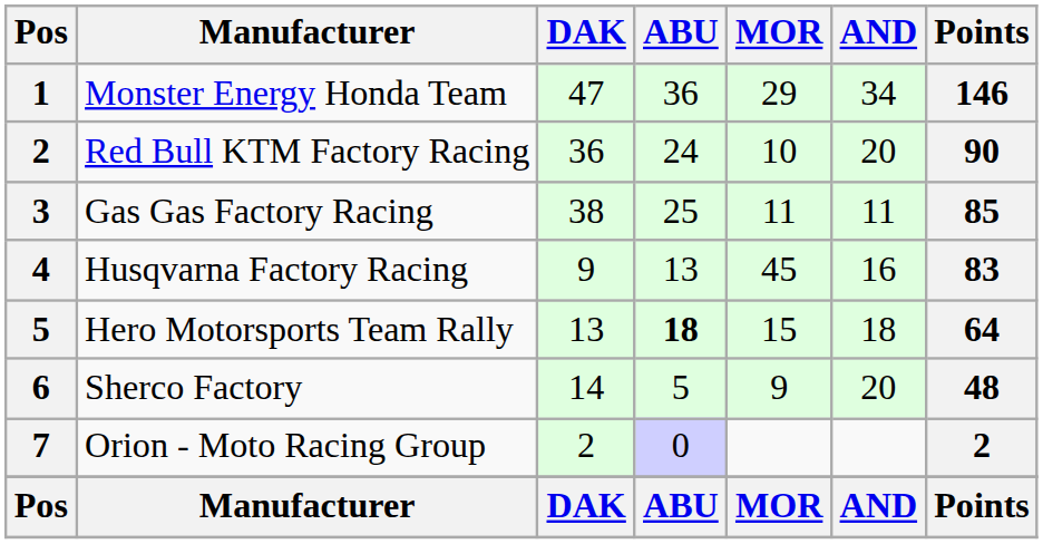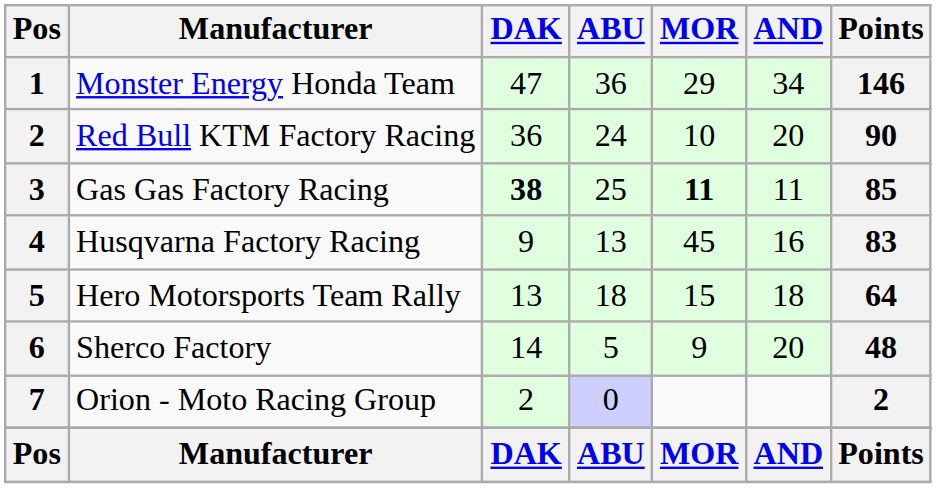 <table class="wikitable" style="font-size: 85%; text-align: center; display: inline-table;">
 <tr valign="top">
 <th valign="middle">Pos</th>
 <th valign="middle">Manufacturer</th>
 <th><a href='#'>DAK</a><br></th>
 <th><a href='#'>ABU</a><br></th>
 <th><a href='#'>MOR</a><br></th>
 <th><a href='#'>AND</a><br></th>
 <th valign="middle">Points</th>
 </tr>
 <tr>
 <th>1</th>
 <td align=left><a href='#'>Monster Energy</a> Honda Team</td>
 <td style="background:#dfffdf;">47</td>
 <td style="background:#dfffdf;">36</td>
 <td style="background:#dfffdf;">29</td>
 <td style="background:#dfffdf;">34</td>
 <th>146</th>
 </tr>
 <tr>
 <th>2</th>
 <td align=left><a href='#'>Red Bull</a> KTM Factory Racing</td>
 <td style="background:#dfffdf;">36</td>
 <td style="background:#dfffdf;">24</td>
 <td style="background:#dfffdf;">10</td>
 <td style="background:#dfffdf;">20</td>
 <th>90</th>
 </tr>
 <tr>
 <th>3</th>
 <td align=left>Gas Gas Factory Racing</td>
-<td style="background:#dfffdf;">38</td>
+<td style="background:#dfffdf;"><strong>38</strong></td>
 <td style="background:#dfffdf;">25</td>
-<td style="background:#dfffdf;">11</td>
+<td style="background:#dfffdf;"><strong>11</strong></td>
 <td style="background:#dfffdf;">11</td>
 <th>85</th>
 </tr>
 <tr>
 <th>4</th>
 <td align=left>Husqvarna Factory Racing</td>
 <td style="background:#dfffdf;">9</td>
 <td style="background:#dfffdf;">13</td>
 <td style="background:#dfffdf;">45</td>
 <td style="background:#dfffdf;">16</td>
 <th>83</th>
 </tr>
 <tr>
 <th>5</th>
 <td align=left>Hero Motorsports Team Rally</td>
 <td style="background:#dfffdf;">13</td>
-<td style="background:#dfffdf;"><strong>18</strong></td>
+<td style="background:#dfffdf;">18</td>
 <td style="background:#dfffdf;">15</td>
 <td style="background:#dfffdf;">18</td>
 <th>64</th>
 </tr>
 <tr>
 <th>6</th>
 <td align=left>Sherco Factory</td>
 <td style="background:#dfffdf;">14</td>
 <td style="background:#dfffdf;">5</td>
 <td style="background:#dfffdf;">9</td>
 <td style="background:#dfffdf;">20</td>
 <th>48</th>
 </tr>
 <tr>
 <th>7</th>
 <td align=left>Orion - Moto Racing Group</td>
 <td style="background:#dfffdf;">2</td>
 <td style="background:#cfcfff;">0</td>
 <td></td>
 <td></td>
 <th>2</th>
 </tr>
 <tr>
 </tr>
 <tr valign="top">
 <th valign="middle">Pos</th>
 <th valign="middle">Manufacturer</th>
 <th><a href='#'>DAK</a><br></th>
 <th><a href='#'>ABU</a><br></th>
 <th><a href='#'>MOR</a><br></th>
 <th><a href='#'>AND</a><br></th>
 <th valign="middle">Points</th>
 </tr>
 <tr>
 </tr>
 </table>
